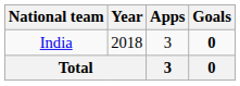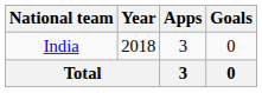 <table class="wikitable" style="text-align: center;">
 <tr>
 <th>National team</th>
 <th>Year</th>
 <th>Apps</th>
 <th>Goals</th>
 </tr>
 <tr>
 <td rowspan="1"><a href='#'>India</a></td>
 <td>2018</td>
 <td>3</td>
-<td><strong>0</strong></td>
+<td>0</td>
 </tr>
 <tr>
 <th colspan="2">Total</th>
 <th>3</th>
 <th>0</th>
 </tr>
 </table>
